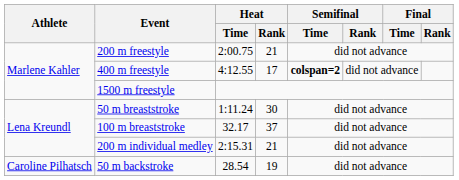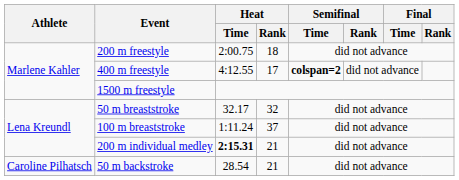 <table class="wikitable" style="font-size:90%;">
 <tr>
 <th rowspan="2">Athlete</th>
 <th rowspan="2">Event</th>
 <th colspan="2">Heat</th>
 <th colspan="2">Semifinal</th>
 <th colspan="2">Final</th>
 </tr>
 <tr>
 <th>Time</th>
 <th>Rank</th>
 <th>Time</th>
 <th>Rank</th>
 <th>Time</th>
 <th>Rank</th>
 </tr>
 <tr align="center">
 <td align="left" rowspan=3><a href='#'>Marlene Kahler</a></td>
 <td align="left"><a href='#'>200 m freestyle</a></td>
 <td>2:00.75</td>
-<td>21</td>
+<td>18</td>
 <td colspan=4>did not advance</td>
 </tr>
 <tr align="center">
 <td align="left"><a href='#'>400 m freestyle</a></td>
 <td>4:12.55</td>
 <td>17</td>
 <td><strong>colspan=2</strong></td>
 <td colspan=2>did not advance</td>
 </tr>
 <tr align="center">
 <td align="left"><a href='#'>1500 m freestyle</a></td>
 <td colspan=6></td>
 </tr>
 <tr align="center">
 <td align="left" rowspan=3><a href='#'>Lena Kreundl</a></td>
 <td align="left"><a href='#'>50 m breaststroke</a></td>
-<td>1:11.24</td>
-<td>30</td>
+<td>32.17</td>
+<td>32</td>
 <td colspan="4">did not advance</td>
 </tr>
 <tr align="center">
 <td align="left"><a href='#'>100 m breaststroke</a></td>
-<td>32.17</td>
+<td>1:11.24</td>
 <td>37</td>
 <td colspan=4>did not advance</td>
 </tr>
 <tr align="center">
 <td align="left"><a href='#'>200 m individual medley</a></td>
-<td>2:15.31</td>
+<td><strong>2:15.31</strong></td>
 <td>21</td>
 <td colspan=4>did not advance</td>
 </tr>
 <tr align="center">
 <td align="left"><a href='#'>Caroline Pilhatsch</a></td>
 <td align="left"><a href='#'>50 m backstroke</a></td>
 <td>28.54</td>
-<td>19</td>
+<td>21</td>
 <td colspan=4>did not advance</td>
 </tr>
 </table>
